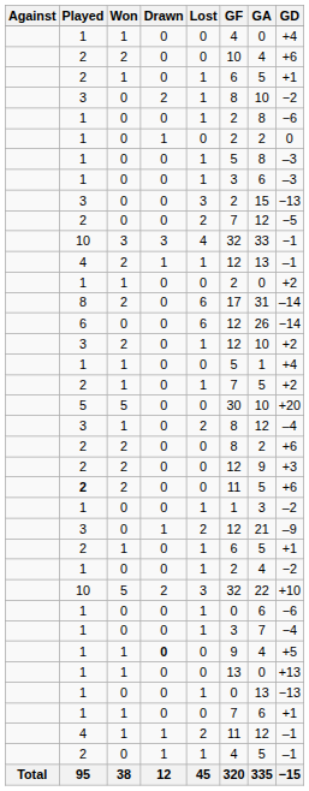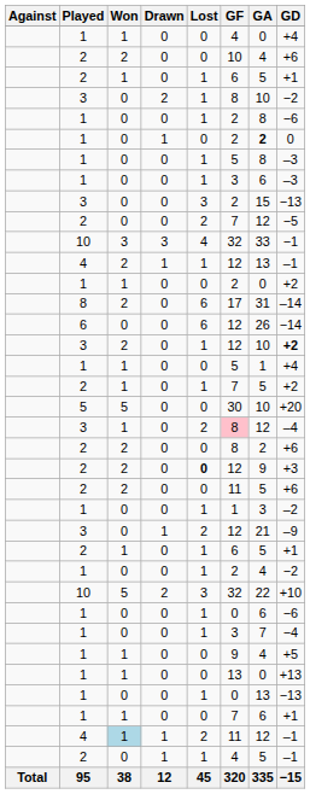 <table class="wikitable sortable" style="font-size:90%; text-align: center;">
 <tr>
 <th>Against</th>
 <th>Played</th>
 <th>Won</th>
 <th>Drawn</th>
 <th>Lost</th>
 <th>GF</th>
 <th>GA</th>
 <th>GD</th>
 </tr>
 <tr bgcolor="#d0ffd0" align="center">
 </tr>
 <tr>
 <td align="left"></td>
 <td>1</td>
 <td>1</td>
 <td>0</td>
 <td>0</td>
 <td>4</td>
 <td>0</td>
 <td>+4</td>
 </tr>
 <tr>
 <td align="left"></td>
 <td>2</td>
 <td>2</td>
 <td>0</td>
 <td>0</td>
 <td>10</td>
 <td>4</td>
 <td>+6</td>
 </tr>
 <tr>
 <td align="left"></td>
 <td>2</td>
 <td>1</td>
 <td>0</td>
 <td>1</td>
 <td>6</td>
 <td>5</td>
 <td>+1</td>
 </tr>
 <tr>
 <td align="left"></td>
 <td>3</td>
 <td>0</td>
 <td>2</td>
 <td>1</td>
 <td>8</td>
 <td>10</td>
 <td>−2</td>
 </tr>
 <tr>
 <td align="left"></td>
 <td>1</td>
 <td>0</td>
 <td>0</td>
 <td>1</td>
 <td>2</td>
 <td>8</td>
 <td>−6</td>
 </tr>
 <tr>
 <td align="left"></td>
 <td>1</td>
 <td>0</td>
 <td>1</td>
 <td>0</td>
 <td>2</td>
-<td>2</td>
+<td><strong>2</strong></td>
 <td>0</td>
 </tr>
 <tr>
 <td align="left"></td>
 <td>1</td>
 <td>0</td>
 <td>0</td>
 <td>1</td>
 <td>5</td>
 <td>8</td>
 <td>–3</td>
 </tr>
 <tr>
 <td align="left"></td>
 <td>1</td>
 <td>0</td>
 <td>0</td>
 <td>1</td>
 <td>3</td>
 <td>6</td>
 <td>–3</td>
 </tr>
 <tr>
 <td align="left"></td>
 <td>3</td>
 <td>0</td>
 <td>0</td>
 <td>3</td>
 <td>2</td>
 <td>15</td>
 <td>−13</td>
 </tr>
 <tr>
 <td align="left"></td>
 <td>2</td>
 <td>0</td>
 <td>0</td>
 <td>2</td>
 <td>7</td>
 <td>12</td>
 <td>−5</td>
 </tr>
 <tr>
 <td align="left"></td>
 <td>10</td>
 <td>3</td>
 <td>3</td>
 <td>4</td>
 <td>32</td>
 <td>33</td>
 <td>−1</td>
 </tr>
 <tr>
 <td align="left"></td>
 <td>4</td>
 <td>2</td>
 <td>1</td>
 <td>1</td>
 <td>12</td>
 <td>13</td>
 <td>–1</td>
 </tr>
 <tr>
 <td align="left"></td>
 <td>1</td>
 <td>1</td>
 <td>0</td>
 <td>0</td>
 <td>2</td>
 <td>0</td>
 <td>+2</td>
 </tr>
 <tr>
 <td align="left"></td>
 <td>8</td>
 <td>2</td>
 <td>0</td>
 <td>6</td>
 <td>17</td>
 <td>31</td>
 <td>–14</td>
 </tr>
 <tr>
 <td align="left"></td>
 <td>6</td>
 <td>0</td>
 <td>0</td>
 <td>6</td>
 <td>12</td>
 <td>26</td>
 <td>−14</td>
 </tr>
 <tr>
 <td align="left"></td>
 <td>3</td>
 <td>2</td>
 <td>0</td>
 <td>1</td>
 <td>12</td>
 <td>10</td>
-<td>+2</td>
+<td><strong>+2</strong></td>
 </tr>
 <tr>
 <td align="left"></td>
 <td>1</td>
 <td>1</td>
 <td>0</td>
 <td>0</td>
 <td>5</td>
 <td>1</td>
 <td>+4</td>
 </tr>
 <tr>
 <td align="left"></td>
 <td>2</td>
 <td>1</td>
 <td>0</td>
 <td>1</td>
 <td>7</td>
 <td>5</td>
 <td>+2</td>
 </tr>
 <tr>
 <td align="left"></td>
 <td>5</td>
 <td>5</td>
 <td>0</td>
 <td>0</td>
 <td>30</td>
 <td>10</td>
 <td>+20</td>
 </tr>
 <tr>
 <td align="left"></td>
 <td>3</td>
 <td>1</td>
 <td>0</td>
 <td>2</td>
-<td>8</td>
+<td style="background: pink;">8</td>
 <td>12</td>
 <td>–4</td>
 </tr>
 <tr>
 <td align="left"></td>
 <td>2</td>
 <td>2</td>
 <td>0</td>
 <td>0</td>
 <td>8</td>
 <td>2</td>
 <td>+6</td>
 </tr>
 <tr>
 <td align="left"></td>
 <td>2</td>
 <td>2</td>
 <td>0</td>
-<td>0</td>
+<td><strong>0</strong></td>
 <td>12</td>
 <td>9</td>
 <td>+3</td>
 </tr>
 <tr>
 <td align="left"></td>
-<td><strong>2</strong></td>
+<td>2</td>
 <td>2</td>
 <td>0</td>
 <td>0</td>
 <td>11</td>
 <td>5</td>
 <td>+6</td>
 </tr>
 <tr>
 <td align="left"></td>
 <td>1</td>
 <td>0</td>
 <td>0</td>
 <td>1</td>
 <td>1</td>
 <td>3</td>
 <td>–2</td>
 </tr>
 <tr>
 <td align="left"></td>
 <td>3</td>
 <td>0</td>
 <td>1</td>
 <td>2</td>
 <td>12</td>
 <td>21</td>
 <td>–9</td>
 </tr>
 <tr>
 <td align="left"></td>
 <td>2</td>
 <td>1</td>
 <td>0</td>
 <td>1</td>
 <td>6</td>
 <td>5</td>
 <td>+1</td>
 </tr>
 <tr>
 <td align="left"></td>
 <td>1</td>
 <td>0</td>
 <td>0</td>
 <td>1</td>
 <td>2</td>
 <td>4</td>
 <td>−2</td>
 </tr>
 <tr>
 <td align="left"></td>
 <td>10</td>
 <td>5</td>
 <td>2</td>
 <td>3</td>
 <td>32</td>
 <td>22</td>
 <td>+10</td>
 </tr>
 <tr>
 <td align="left"></td>
 <td>1</td>
 <td>0</td>
 <td>0</td>
 <td>1</td>
 <td>0</td>
 <td>6</td>
 <td>−6</td>
 </tr>
 <tr>
 <td align="left"></td>
 <td>1</td>
 <td>0</td>
 <td>0</td>
 <td>1</td>
 <td>3</td>
 <td>7</td>
 <td>−4</td>
 </tr>
 <tr>
 <td align="left"></td>
 <td>1</td>
 <td>1</td>
-<td><strong>0</strong></td>
+<td>0</td>
 <td>0</td>
 <td>9</td>
 <td>4</td>
 <td>+5</td>
 </tr>
 <tr>
 <td align="left"></td>
 <td>1</td>
 <td>1</td>
 <td>0</td>
 <td>0</td>
 <td>13</td>
 <td>0</td>
 <td>+13</td>
 </tr>
 <tr>
 <td align="left"></td>
 <td>1</td>
 <td>0</td>
 <td>0</td>
 <td>1</td>
 <td>0</td>
 <td>13</td>
 <td>−13</td>
 </tr>
 <tr>
 <td align="left"></td>
 <td>1</td>
 <td>1</td>
 <td>0</td>
 <td>0</td>
 <td>7</td>
 <td>6</td>
 <td>+1</td>
 </tr>
 <tr>
 <td align="left"></td>
 <td>4</td>
-<td>1</td>
+<td style="background: lightblue;">1</td>
 <td>1</td>
 <td>2</td>
 <td>11</td>
 <td>12</td>
 <td>–1</td>
 </tr>
 <tr>
 <td align="left"></td>
 <td>2</td>
 <td>0</td>
 <td>1</td>
 <td>1</td>
 <td>4</td>
 <td>5</td>
 <td>–1</td>
 </tr>
 <tr>
 <th>Total</th>
 <th>95</th>
 <th>38</th>
 <th>12</th>
 <th>45</th>
 <th>320</th>
 <th>335</th>
 <th>−15</th>
 </tr>
 </table>
